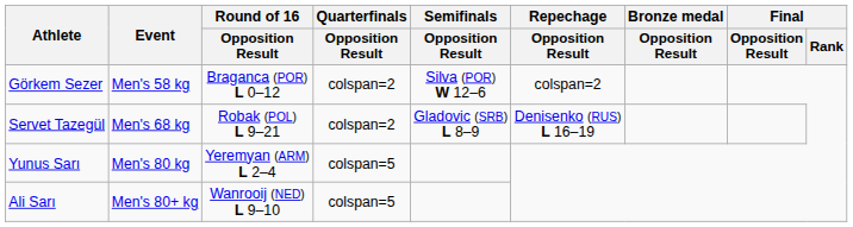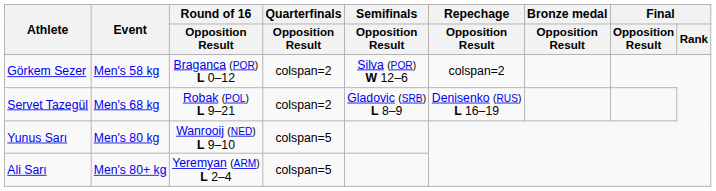 <table class="wikitable" style="font-size:90%">
 <tr>
 <th rowspan="2">Athlete</th>
 <th rowspan="2">Event</th>
 <th>Round of 16</th>
 <th>Quarterfinals</th>
 <th>Semifinals</th>
 <th>Repechage</th>
 <th>Bronze medal</th>
 <th colspan=2>Final</th>
 </tr>
 <tr style="font-size:95%">
 <th>Opposition<br>Result</th>
 <th>Opposition<br>Result</th>
 <th>Opposition<br>Result</th>
 <th>Opposition<br>Result</th>
 <th>Opposition<br>Result</th>
 <th>Opposition<br>Result</th>
 <th>Rank</th>
 </tr>
 <tr align=center>
 <td align=left><a href='#'>Görkem Sezer</a></td>
 <td align=left><a href='#'>Men's 58 kg</a></td>
 <td> <a href='#'>Braganca</a> <small>(<a href='#'>POR</a>)</small> <br><strong>L</strong> 0–12</td>
 <td>colspan=2 </td>
 <td> <a href='#'>Silva</a> <small>(<a href='#'>POR</a>)</small> <br><strong>W</strong> 12–6</td>
 <td>colspan=2 </td>
 <td></td>
 </tr>
 <tr align=center>
 <td align=left><a href='#'>Servet Tazegül</a></td>
 <td align=left><a href='#'>Men's 68 kg</a></td>
 <td> <a href='#'>Robak</a> <small>(<a href='#'>POL</a>)</small> <br><strong>L</strong> 9–21</td>
 <td>colspan=2 </td>
 <td> <a href='#'>Gladovic</a> <small>(<a href='#'>SRB</a>)</small> <br><strong>L</strong> 8–9</td>
 <td> <a href='#'>Denisenko</a> <small>(<a href='#'>RUS</a>)</small> <br><strong>L</strong> 16–19</td>
 <td></td>
 <td></td>
 </tr>
 <tr align=center>
 <td align=left><a href='#'>Yunus Sarı</a></td>
 <td align=left><a href='#'>Men's 80 kg</a></td>
-<td> <a href='#'>Yeremyan</a> <small>(<a href='#'>ARM</a>)</small> <br><strong>L</strong> 2–4</td>
+<td> <a href='#'>Wanrooij</a> <small>(<a href='#'>NED</a>)</small> <br><strong>L</strong> 9–10</td>
 <td>colspan=5 </td>
 <td></td>
 </tr>
 <tr align=center>
 <td align=left><a href='#'>Ali Sarı</a></td>
 <td align=left><a href='#'>Men's 80+ kg</a></td>
-<td> <a href='#'>Wanrooij</a> <small>(<a href='#'>NED</a>)</small> <br><strong>L</strong> 9–10</td>
+<td> <a href='#'>Yeremyan</a> <small>(<a href='#'>ARM</a>)</small> <br><strong>L</strong> 2–4</td>
 <td>colspan=5 </td>
 <td></td>
 </tr>
 </table>
